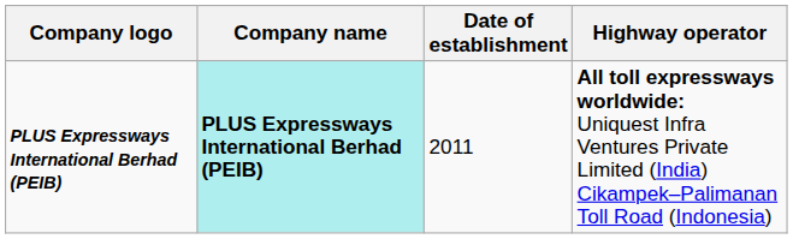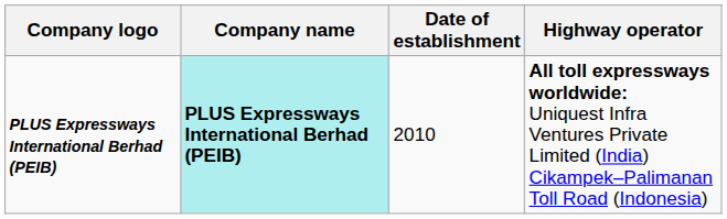 <table class="wikitable">
 <tr>
 <th>Company logo</th>
 <th>Company name</th>
 <th>Date of<br>establishment</th>
 <th>Highway operator</th>
 </tr>
 <tr>
 <td><br><small><strong><em><span>PLUS Expressways International Berhad (PEIB)</span></em></strong></small></td>
 <td style="background: paleturquoise;"><strong>PLUS Expressways International Berhad (PEIB)</strong></td>
-<td>2011</td>
+<td>2010</td>
 <td><strong>All toll expressways worldwide:</strong><br>Uniquest Infra Ventures Private Limited (<a href='#'>India</a>)<br><a href='#'>Cikampek–Palimanan Toll Road</a> (<a href='#'>Indonesia</a>)</td>
 </tr>
 </table>
